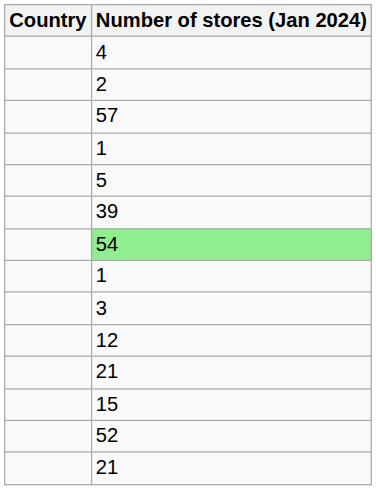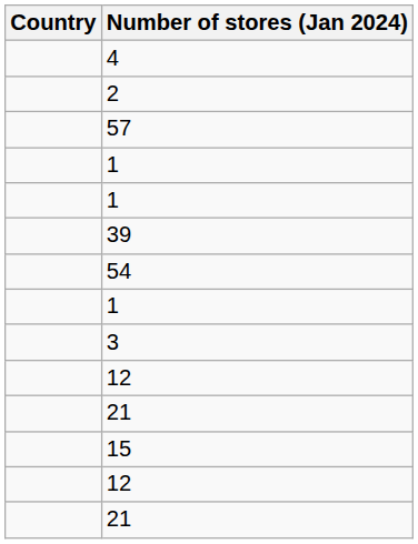 <table class="wikitable sortable">
 <tr>
 <th>Country</th>
 <th data-sort-type="number">Number of stores (Jan 2024)</th>
 </tr>
 <tr>
 <td></td>
 <td>4</td>
 </tr>
 <tr>
 <td></td>
 <td>2</td>
 </tr>
 <tr>
 <td></td>
 <td>57</td>
 </tr>
 <tr>
 <td></td>
 <td>1</td>
 </tr>
 <tr>
 <td></td>
-<td>5</td>
+<td>1</td>
 </tr>
 <tr>
 <td></td>
 <td>39</td>
 </tr>
 <tr>
 <td></td>
-<td style="background: lightgreen;">54</td>
+<td>54</td>
 </tr>
 <tr>
 <td></td>
 <td>1</td>
 </tr>
 <tr>
 <td></td>
 <td>3</td>
 </tr>
 <tr>
 <td></td>
 <td>12</td>
 </tr>
 <tr>
 <td></td>
 <td>21</td>
 </tr>
 <tr>
 <td></td>
 <td>15</td>
 </tr>
 <tr>
 <td></td>
-<td>52</td>
+<td>12</td>
 </tr>
 <tr>
 <td></td>
 <td>21</td>
 </tr>
 </table>
